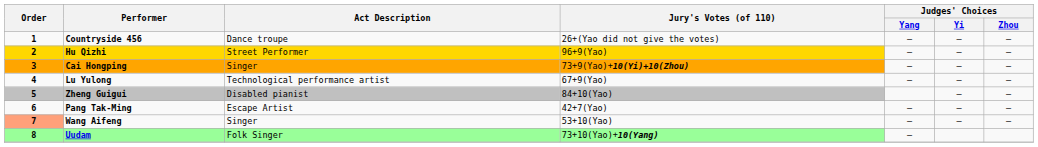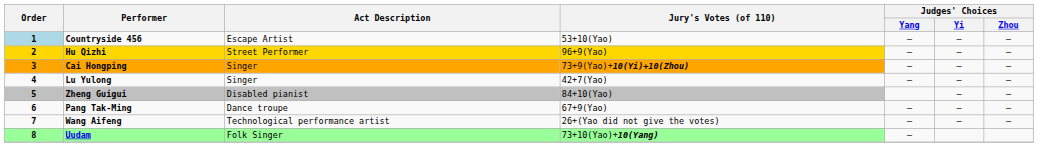 <table class="wikitable" style="width:100%;">
 <tr>
 <th rowspan=2>Order</th>
 <th rowspan=2>Performer</th>
 <th rowspan=2>Act Description</th>
 <th rowspan=2>Jury's Votes (of 110)</th>
 <th colspan=3>Judges' Choices</th>
 </tr>
 <tr>
 <th width="70"><a href='#'>Yang</a></th>
 <th width="70"><a href='#'>Yi</a></th>
 <th width="70"><a href='#'>Zhou</a></th>
 </tr>
 <tr>
-<td align="center"><strong>1</strong></td>
+<td align="center" style="background: lightblue;"><strong>1</strong></td>
 <td><strong>Countryside 456</strong></td>
-<td>Dance troupe</td>
-<td>26+(Yao did not give the votes)</td>
+<td>Escape Artist</td>
+<td>53+10(Yao)</td>
 <td align="center">—</td>
 <td align="center">—</td>
 <td align="center">—</td>
 </tr>
 <tr>
 <td style="background: gold" align="center"><strong>2</strong></td>
 <td style="background: gold"><strong>Hu Qizhi</strong></td>
 <td style="background: gold">Street Performer</td>
 <td style="background: gold">96+9(Yao)</td>
 <td align="center">—</td>
 <td align="center">—</td>
 <td align="center">—</td>
 </tr>
 <tr>
 <td style="background: orange" align="center"><strong>3</strong></td>
 <td style="background: orange"><strong>Cai Hongping</strong></td>
 <td style="background: orange">Singer</td>
 <td style="background: orange">73+9(Yao)+<strong><em>10(Yi)+10(Zhou)</em></strong></td>
 <td align="center">—</td>
 <td align="center">—</td>
 <td align="center">—</td>
 </tr>
 <tr>
 <td align="center"><strong>4</strong></td>
 <td><strong>Lu Yulong</strong></td>
-<td>Technological performance artist</td>
-<td>67+9(Yao)</td>
+<td>Singer</td>
+<td>42+7(Yao)</td>
 <td align="center">—</td>
 <td align="center">—</td>
 <td align="center">—</td>
 </tr>
 <tr>
 <td style="background: silver" align="center"><strong>5</strong></td>
 <td style="background: silver"><strong>Zheng Guigui</strong></td>
 <td style="background: silver">Disabled pianist</td>
 <td style="background: silver">84+10(Yao)</td>
 <td align="center"></td>
 <td align="center">—</td>
 <td align="center">—</td>
 </tr>
 <tr>
 <td align="center"><strong>6</strong></td>
 <td><strong>Pang Tak-Ming</strong></td>
-<td>Escape Artist</td>
-<td>42+7(Yao)</td>
+<td>Dance troupe</td>
+<td>67+9(Yao)</td>
 <td align="center">—</td>
 <td align="center">—</td>
 <td align="center">—</td>
 </tr>
 <tr>
-<td align="center" style="background: lightsalmon;"><strong>7</strong></td>
+<td align="center"><strong>7</strong></td>
 <td><strong>Wang Aifeng</strong></td>
-<td>Singer</td>
-<td>53+10(Yao)</td>
+<td>Technological performance artist</td>
+<td>26+(Yao did not give the votes)</td>
 <td align="center">—</td>
 <td align="center">—</td>
 <td align="center">—</td>
 </tr>
 <tr>
 <td style="background: #99FF99" align="center"><strong>8</strong></td>
 <td style="background: #99FF99"><a href='#'><strong>Uudam</strong></a></td>
 <td style="background: #99FF99">Folk Singer</td>
 <td style="background: #99FF99">73+10(Yao)+<strong><em>10(Yang)</em></strong></td>
 <td align="center">—</td>
 <td align="center"></td>
 <td align="center"></td>
 </tr>
 <tr>
 </tr>
 </table>
